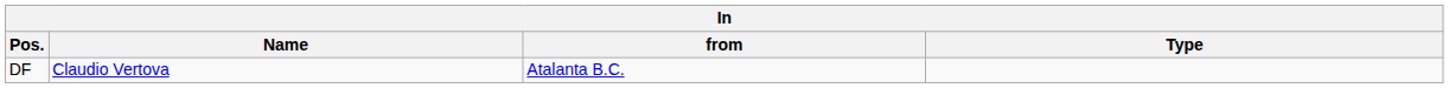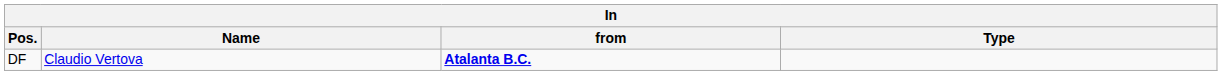 <table class="wikitable" style="font-size:90%;width:99%;">
 <tr>
 <th colspan="4">In</th>
 </tr>
 <tr>
 <th width=3%>Pos.</th>
 <th width=33%>Name</th>
 <th width=28%>from</th>
 <th width=36%>Type</th>
 </tr>
 <tr>
 <td>DF</td>
 <td><a href='#'>Claudio Vertova</a></td>
-<td><a href='#'>Atalanta B.C.</a></td>
+<td><strong><a href='#'>Atalanta B.C.</a></strong></td>
 <td></td>
 </tr>
 </table>
